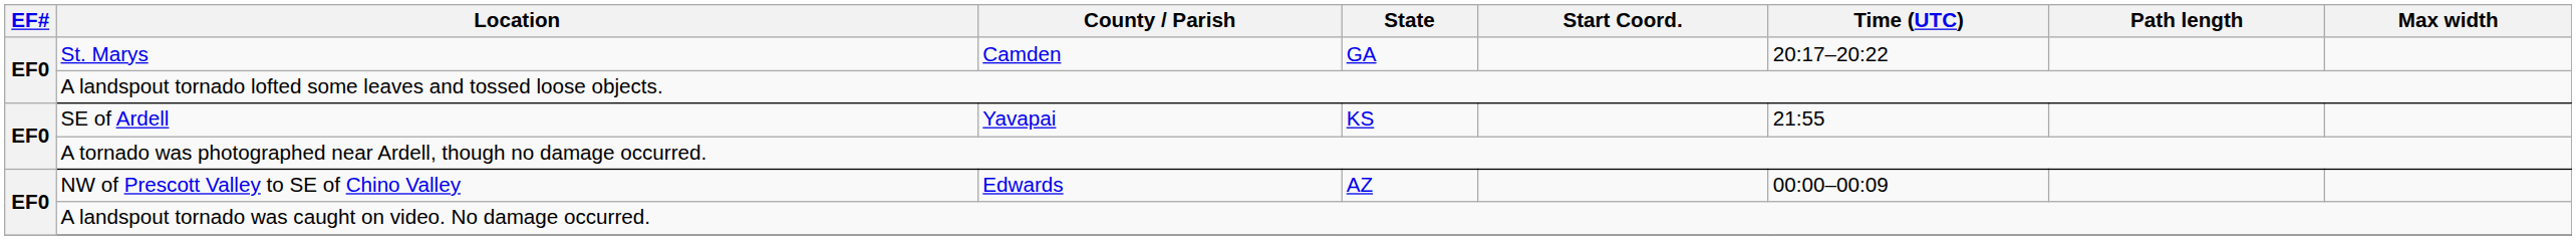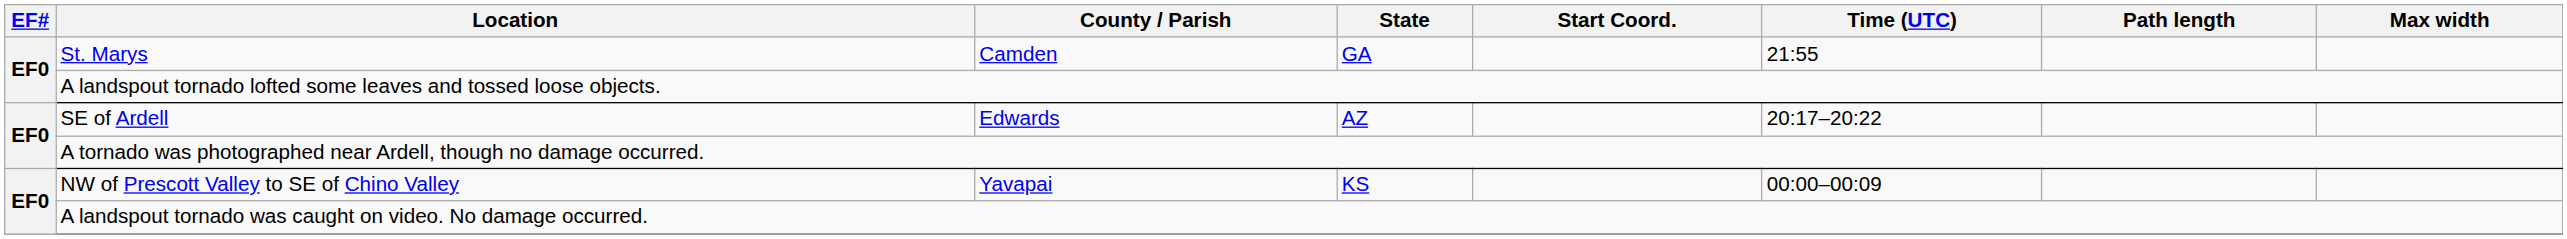 <table class="wikitable sortable" style="width:100%;">
 <tr>
 <th scope="col" width="2%" align="center"><a href='#'>EF#</a></th>
 <th scope="col" align="center" class="unsortable">Location</th>
 <th scope="col" align="center" class="unsortable">County / Parish</th>
 <th scope="col" align="center">State</th>
 <th scope="col" align="center">Start Coord.</th>
 <th scope="col" align="center">Time (<a href='#'>UTC</a>)</th>
 <th scope="col" align="center">Path length</th>
 <th scope="col" align="center">Max width</th>
 </tr>
 <tr>
 <th scope="row" rowspan="2" style="background-color:#">EF0</th>
 <td><a href='#'>St. Marys</a></td>
 <td><a href='#'>Camden</a></td>
 <td><a href='#'>GA</a></td>
 <td></td>
-<td>20:17–20:22</td>
+<td>21:55</td>
 <td></td>
 <td></td>
 </tr>
 <tr class="expand-child">
 <td colspan="8" style=" border-bottom: 1px solid black;">A landspout tornado lofted some leaves and tossed loose objects.</td>
 </tr>
 <tr>
 <th scope="row" rowspan="2" style="background-color:#">EF0</th>
 <td>SE of <a href='#'>Ardell</a></td>
-<td><a href='#'>Yavapai</a></td>
-<td><a href='#'>KS</a></td>
+<td><a href='#'>Edwards</a></td>
+<td><a href='#'>AZ</a></td>
 <td></td>
-<td>21:55</td>
+<td>20:17–20:22</td>
 <td></td>
 <td></td>
 </tr>
 <tr class="expand-child">
 <td colspan="8" style=" border-bottom: 1px solid black;">A tornado was photographed near Ardell, though no damage occurred.</td>
 </tr>
 <tr>
 <th scope="row" rowspan="2" style="background-color:#">EF0</th>
 <td>NW of <a href='#'>Prescott Valley</a> to SE of <a href='#'>Chino Valley</a></td>
-<td><a href='#'>Edwards</a></td>
-<td><a href='#'>AZ</a></td>
+<td><a href='#'>Yavapai</a></td>
+<td><a href='#'>KS</a></td>
 <td></td>
 <td>00:00–00:09</td>
 <td></td>
 <td></td>
 </tr>
 <tr class="expand-child">
 <td colspan="8" style=" border-bottom: 1px solid black;">A landspout tornado was caught on video. No damage occurred.</td>
 </tr>
 <tr>
 </tr>
 </table>
